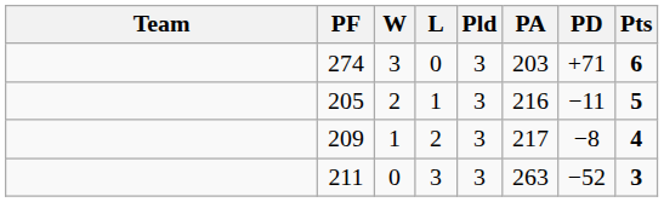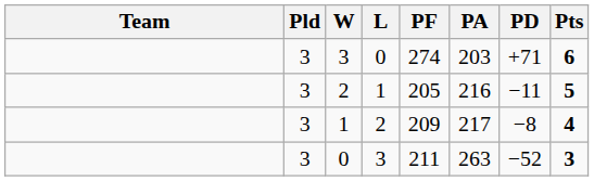 <table class="wikitable" style="text-align:center;">
 <tr>
 <th width=200>Team</th>
-<th width=30>PF</th>
+<th width=20>Pld</th>
 <th width=20>W</th>
 <th width=20>L</th>
-<th width=20>Pld</th>
+<th width=30>PF</th>
 <th width=30>PA</th>
 <th width=30>PD</th>
 <th width=20>Pts</th>
 </tr>
 <tr>
 <td align=left></td>
-<td>274</td>
+<td>3</td>
 <td>3</td>
 <td>0</td>
-<td>3</td>
+<td>274</td>
 <td>203</td>
 <td>+71</td>
 <td><strong>6</strong></td>
 </tr>
 <tr>
 <td align=left></td>
-<td>205</td>
+<td>3</td>
 <td>2</td>
 <td>1</td>
-<td>3</td>
+<td>205</td>
 <td>216</td>
 <td>−11</td>
 <td><strong>5</strong></td>
 </tr>
 <tr>
 <td align=left></td>
-<td>209</td>
+<td>3</td>
 <td>1</td>
 <td>2</td>
-<td>3</td>
+<td>209</td>
 <td>217</td>
 <td>−8</td>
 <td><strong>4</strong></td>
 </tr>
 <tr>
 <td align=left></td>
-<td>211</td>
+<td>3</td>
 <td>0</td>
 <td>3</td>
-<td>3</td>
+<td>211</td>
 <td>263</td>
 <td>−52</td>
 <td><strong>3</strong></td>
 </tr>
 </table>
